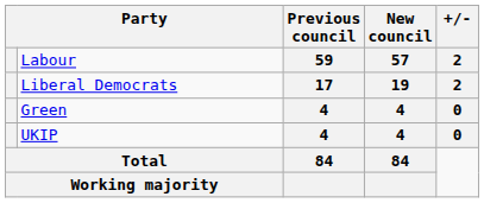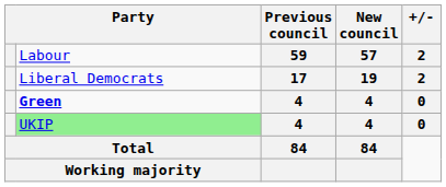 <table class="wikitable">
 <tr>
 <th valign=top colspan="2" style="width: 230px">Party</th>
 <th valign=top style="width: 30px">Previous council</th>
 <th valign=top style="width: 30px">New council</th>
 <th valign=top style="width: 30px">+/-</th>
 </tr>
 <tr>
 <th style="background-color: "></th>
 <td><a href='#'>Labour</a></td>
 <th align=center>59</th>
 <th align=center>57</th>
 <th align=center>2</th>
 </tr>
 <tr>
 <th style="background-color: "></th>
 <td><a href='#'>Liberal Democrats</a></td>
 <th align=center>17</th>
 <th align=center>19</th>
 <th align=center>2</th>
 </tr>
 <tr>
 <th style="background-color: "></th>
-<td><a href='#'>Green</a></td>
+<td><strong><a href='#'>Green</a></strong></td>
 <th align=center>4</th>
 <th align=center>4</th>
 <th align=center>0</th>
 </tr>
 <tr>
 <th style="background-color: "></th>
-<td><a href='#'>UKIP</a></td>
+<td style="background: lightgreen;"><a href='#'>UKIP</a></td>
 <th align=center>4</th>
 <th align=center>4</th>
 <th align=center>0</th>
 </tr>
 <tr>
 <th colspan=2>Total</th>
 <th style="text-align: center">84</th>
 <th style="text-align: center">84</th>
 </tr>
 <tr>
 <th colspan=2>Working majority</th>
 <th></th>
 <th></th>
 </tr>
 </table>
